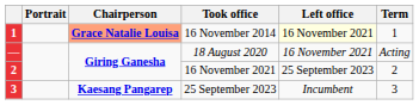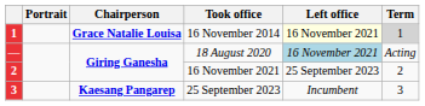 <table class="wikitable sortable" style="text-align:center">
 <tr bgcolor=#d3d3d3>
 <th></th>
 <th>Portrait</th>
 <th>Chairperson</th>
 <th>Took office</th>
 <th>Left office</th>
 <th>Term</th>
 </tr>
 <tr>
 <th style="text-align:center; background-color:#EB3237; color:white;">1</th>
 <td></td>
-<td style="background: lightsalmon;"><strong><a href='#'>Grace Natalie Louisa</a></strong><br></td>
+<td><strong><a href='#'>Grace Natalie Louisa</a></strong><br></td>
 <td>16 November 2014</td>
 <td style="background: lightyellow;">16 November 2021</td>
-<td>1</td>
+<td style="background: lightgrey;">1</td>
 </tr>
 <tr>
 <th style="text-align:center; background-color:#EB3237; color:white;">—</th>
 <td rowspan=2></td>
 <td rowspan=2><strong><a href='#'>Giring Ganesha</a></strong><br></td>
 <td><em>18 August 2020</em></td>
-<td><em>16 November 2021</em></td>
+<td style="background: lightblue;"><em>16 November 2021</em></td>
 <td><em>Acting</em></td>
 </tr>
 <tr>
 <th style="text-align:center; background-color:#EB3237; color:white;">2</th>
 <td>16 November 2021</td>
 <td>25 September 2023</td>
 <td>2</td>
 </tr>
 <tr>
 <th style="text-align:center; background-color:#EB3237; color:white;">3</th>
 <td></td>
 <td><strong><a href='#'>Kaesang Pangarep</a></strong><br></td>
 <td>25 September 2023</td>
 <td><em>Incumbent</em></td>
 <td>3</td>
 </tr>
 </table>
